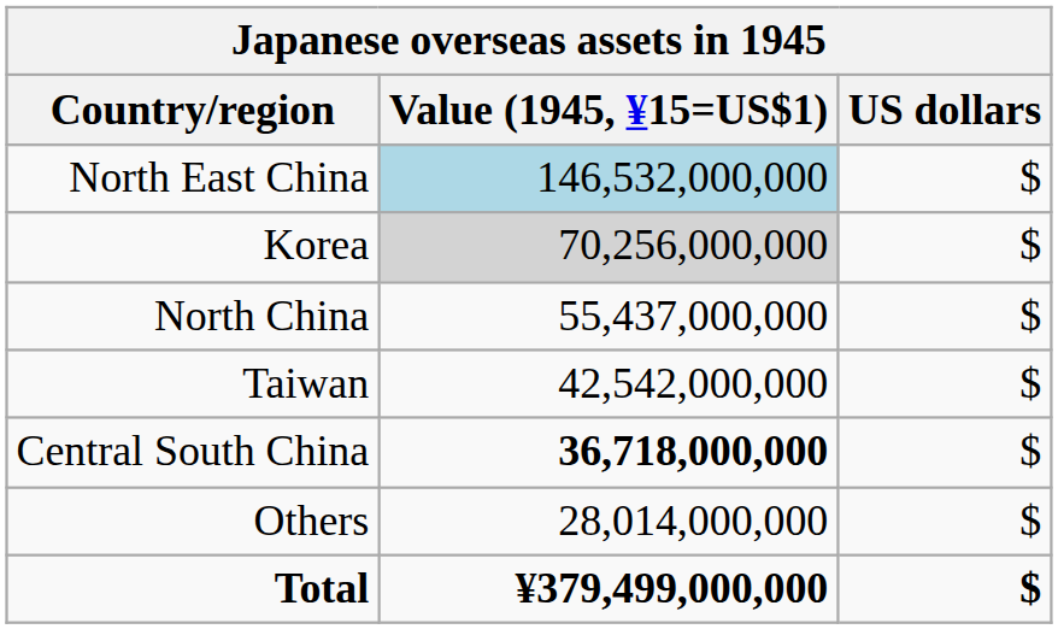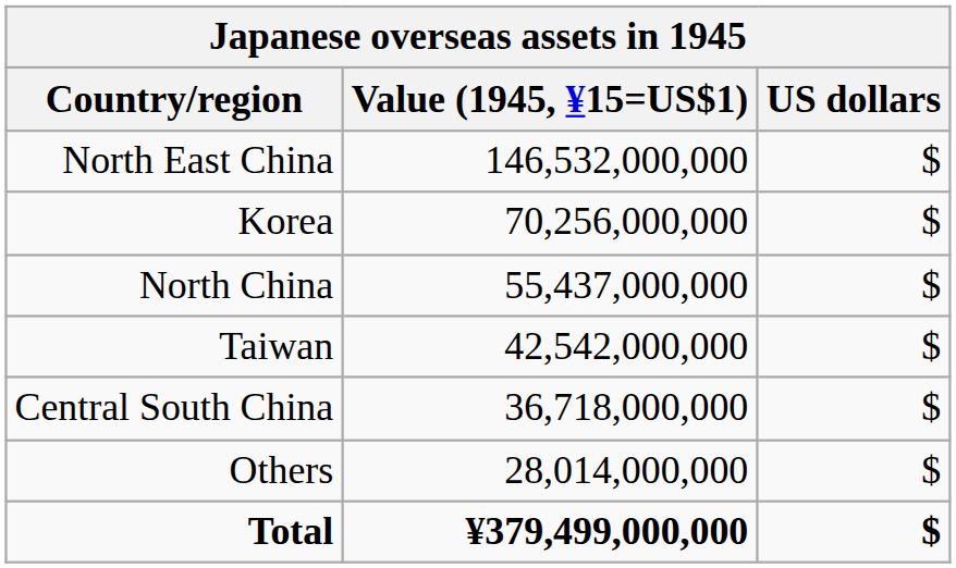 <table class="wikitable" style="text-align: right; float: right; margin: 1em;">
 <tr>
 <th colspan="10">Japanese overseas assets in 1945</th>
 </tr>
 <tr>
 <th>Country/region</th>
 <th>Value (1945, <a href='#'>¥</a>15=US$1)</th>
 <th> US dollars</th>
 </tr>
 <tr>
 <td>North East China</td>
-<td style="background: lightblue;">146,532,000,000</td>
+<td>146,532,000,000</td>
 <td>$</td>
 </tr>
 <tr>
 <td>Korea</td>
-<td style="background: lightgrey;">70,256,000,000</td>
+<td>70,256,000,000</td>
 <td>$</td>
 </tr>
 <tr>
 <td>North China</td>
 <td>55,437,000,000</td>
 <td>$</td>
 </tr>
 <tr>
 <td>Taiwan</td>
 <td>42,542,000,000</td>
 <td>$</td>
 </tr>
 <tr>
 <td>Central South China</td>
-<td><strong>36,718,000,000</strong></td>
+<td>36,718,000,000</td>
 <td>$</td>
 </tr>
 <tr>
 <td>Others</td>
 <td>28,014,000,000</td>
 <td>$</td>
 </tr>
 <tr>
 <td><strong>Total</strong></td>
 <td><strong>¥379,499,000,000</strong></td>
 <td><strong>$</strong></td>
 </tr>
 </table>
